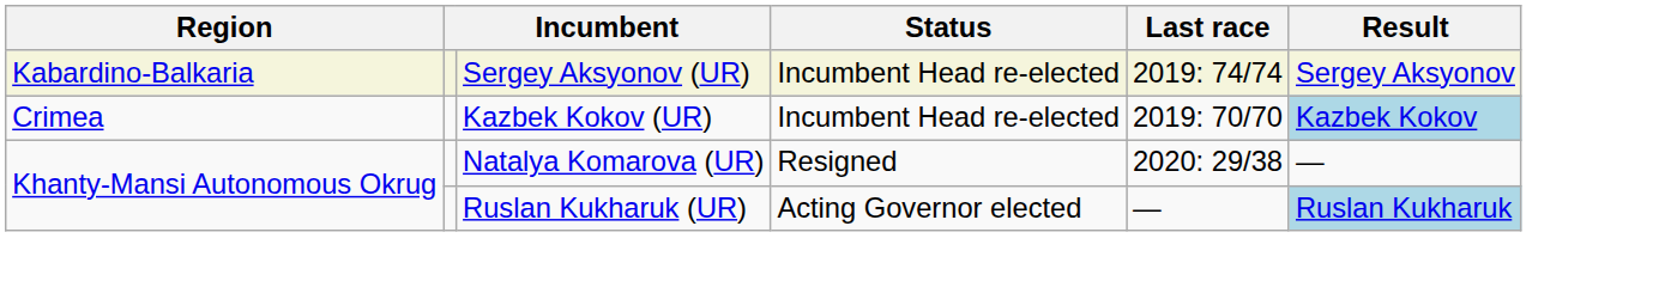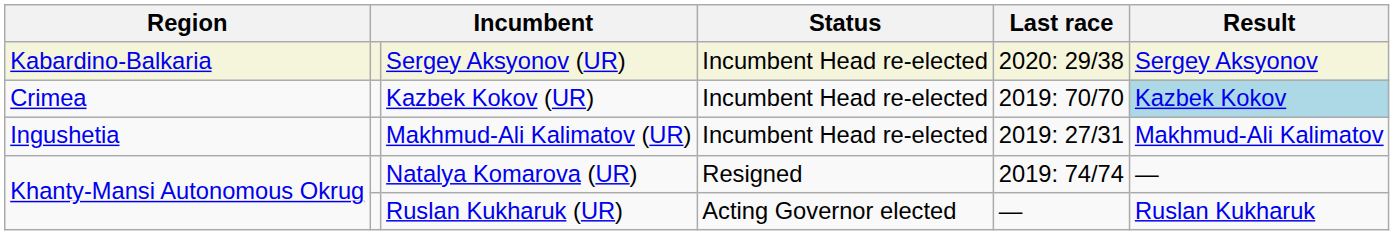 <table class="wikitable">
 <tr>
 <th>Region</th>
 <th colspan=2>Incumbent</th>
 <th>Status</th>
 <th>Last race</th>
 <th>Result</th>
 </tr>
 <tr style="background-color:Beige;">
 <td><a href='#'>Kabardino-Balkaria</a></td>
 <td style="background-color:"></td>
 <td><a href='#'>Sergey Aksyonov</a> (<a href='#'>UR</a>)</td>
 <td>Incumbent Head re-elected</td>
-<td>2019: 74/74</td>
+<td>2020: 29/38</td>
 <td><a href='#'>Sergey Aksyonov</a></td>
 </tr>
 <tr>
 <td><a href='#'>Crimea</a></td>
 <td style="background-color:"></td>
 <td><a href='#'>Kazbek Kokov</a> (<a href='#'>UR</a>)</td>
 <td>Incumbent Head re-elected</td>
 <td>2019: 70/70</td>
 <td style="background: lightblue;"><a href='#'>Kazbek Kokov</a></td>
 </tr>
 <tr>
+<td><a href='#'>Ingushetia</a></td>
+<td style="background-color:"></td>
+<td><a href='#'>Makhmud-Ali Kalimatov</a> (<a href='#'>UR</a>)</td>
+<td>Incumbent Head re-elected</td>
+<td>2019: 27/31</td>
+<td><a href='#'>Makhmud-Ali Kalimatov</a></td>
+</tr>
+<tr>
 <td rowspan=2><a href='#'>Khanty-Mansi Autonomous Okrug</a></td>
 <td style="background-color:"></td>
 <td><a href='#'>Natalya Komarova</a> (<a href='#'>UR</a>)</td>
 <td>Resigned</td>
-<td>2020: 29/38</td>
+<td>2019: 74/74</td>
 <td>—</td>
 </tr>
 <tr>
 <td style="background-color:"></td>
 <td><a href='#'>Ruslan Kukharuk</a> (<a href='#'>UR</a>)</td>
 <td>Acting Governor elected</td>
 <td>—</td>
-<td style="background: lightblue;"><a href='#'>Ruslan Kukharuk</a></td>
+<td><a href='#'>Ruslan Kukharuk</a></td>
 </tr>
 </table>
